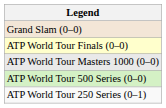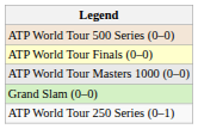 <table class="wikitable sortable mw-collapsible mw-collapsed">
 <tr>
 <th>Legend</th>
 </tr>
 <tr style="background:#f3e6d7;">
-<td>Grand Slam (0–0)</td>
+<td>ATP World Tour 500 Series (0–0)</td>
 </tr>
 <tr style="background:#ffffcc;">
 <td>ATP World Tour Finals (0–0)</td>
 </tr>
 <tr style="background:#e9e9e9;">
 <td>ATP World Tour Masters 1000 (0–0)</td>
 </tr>
 <tr style="background:#d4f1c5;">
-<td>ATP World Tour 500 Series (0–0)</td>
+<td>Grand Slam (0–0)</td>
 </tr>
 <tr>
 <td>ATP World Tour 250 Series (0–1)</td>
 </tr>
 </table>
